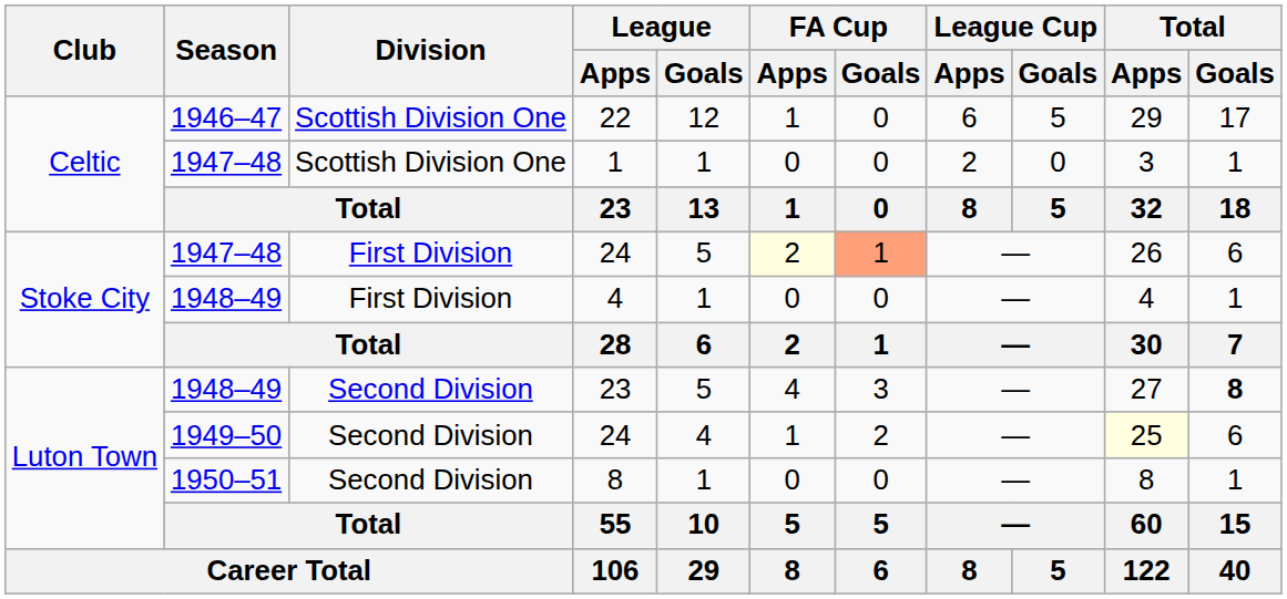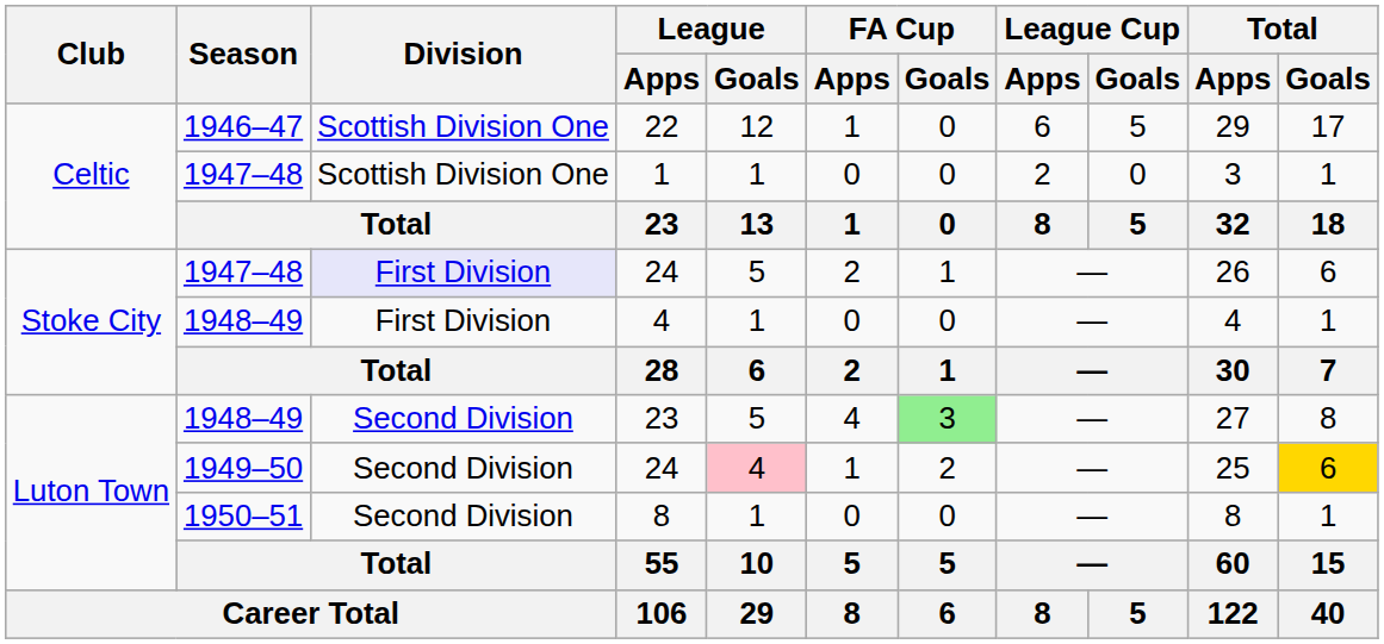 <table class="wikitable" style="text-align: center;">
 <tr>
 <th rowspan="2">Club</th>
 <th rowspan="2">Season</th>
 <th rowspan="2">Division</th>
 <th colspan="2">League</th>
 <th colspan="2">FA Cup</th>
 <th colspan="2">League Cup</th>
 <th colspan="2">Total</th>
 </tr>
 <tr>
 <th>Apps</th>
 <th>Goals</th>
 <th>Apps</th>
 <th>Goals</th>
 <th>Apps</th>
 <th>Goals</th>
 <th>Apps</th>
 <th>Goals</th>
 </tr>
 <tr>
 <td rowspan="3"><a href='#'>Celtic</a></td>
 <td><a href='#'>1946–47</a></td>
 <td><a href='#'>Scottish Division One</a></td>
 <td>22</td>
 <td>12</td>
 <td>1</td>
 <td>0</td>
 <td>6</td>
 <td>5</td>
 <td>29</td>
 <td>17</td>
 </tr>
 <tr>
 <td><a href='#'>1947–48</a></td>
 <td>Scottish Division One</td>
 <td>1</td>
 <td>1</td>
 <td>0</td>
 <td>0</td>
 <td>2</td>
 <td>0</td>
 <td>3</td>
 <td>1</td>
 </tr>
 <tr>
 <th colspan=2>Total</th>
 <th>23</th>
 <th>13</th>
 <th>1</th>
 <th>0</th>
 <th>8</th>
 <th>5</th>
 <th>32</th>
 <th>18</th>
 </tr>
 <tr>
 <td rowspan="3"><a href='#'>Stoke City</a></td>
 <td><a href='#'>1947–48</a></td>
-<td><a href='#'>First Division</a></td>
+<td style="background: lavender;"><a href='#'>First Division</a></td>
 <td>24</td>
 <td>5</td>
-<td style="background: lightyellow;">2</td>
-<td style="background: lightsalmon;">1</td>
+<td>2</td>
+<td>1</td>
 <td colspan=2>—</td>
 <td>26</td>
 <td>6</td>
 </tr>
 <tr>
 <td><a href='#'>1948–49</a></td>
 <td>First Division</td>
 <td>4</td>
 <td>1</td>
 <td>0</td>
 <td>0</td>
 <td colspan=2>—</td>
 <td>4</td>
 <td>1</td>
 </tr>
 <tr>
 <th colspan="2">Total</th>
 <th>28</th>
 <th>6</th>
 <th>2</th>
 <th>1</th>
 <th colspan=2>—</th>
 <th>30</th>
 <th>7</th>
 </tr>
 <tr>
 <td rowspan="4"><a href='#'>Luton Town</a></td>
 <td><a href='#'>1948–49</a></td>
 <td><a href='#'>Second Division</a></td>
 <td>23</td>
 <td>5</td>
 <td>4</td>
-<td>3</td>
+<td style="background: lightgreen;">3</td>
 <td colspan=2>—</td>
 <td>27</td>
-<td><strong>8</strong></td>
+<td>8</td>
 </tr>
 <tr>
 <td><a href='#'>1949–50</a></td>
 <td>Second Division</td>
 <td>24</td>
-<td>4</td>
+<td style="background: pink;">4</td>
 <td>1</td>
 <td>2</td>
 <td colspan=2>—</td>
-<td style="background: lightyellow;">25</td>
-<td>6</td>
+<td>25</td>
+<td style="background: gold;">6</td>
 </tr>
 <tr>
 <td><a href='#'>1950–51</a></td>
 <td>Second Division</td>
 <td>8</td>
 <td>1</td>
 <td>0</td>
 <td>0</td>
 <td colspan=2>—</td>
 <td>8</td>
 <td>1</td>
 </tr>
 <tr>
 <th colspan="2">Total</th>
 <th>55</th>
 <th>10</th>
 <th>5</th>
 <th>5</th>
 <th colspan=2>—</th>
 <th>60</th>
 <th>15</th>
 </tr>
 <tr>
 <th colspan="3">Career Total</th>
 <th>106</th>
 <th>29</th>
 <th>8</th>
 <th>6</th>
 <th>8</th>
 <th>5</th>
 <th>122</th>
 <th>40</th>
 </tr>
 </table>
